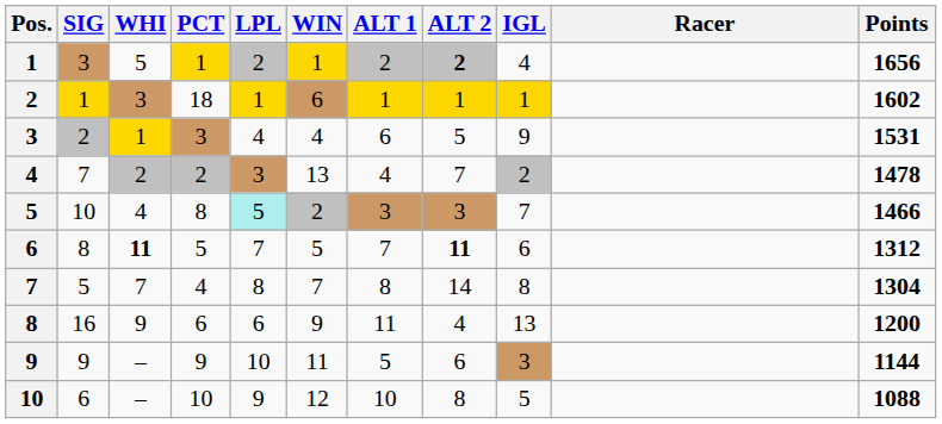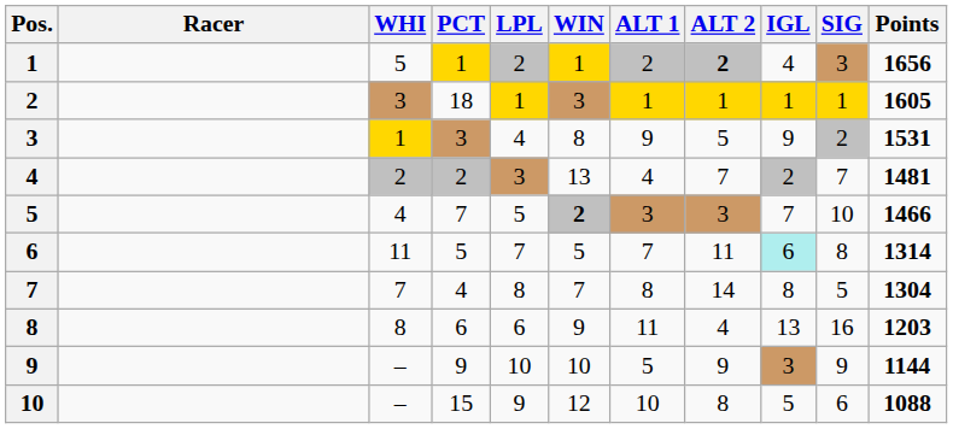 <table class="wikitable sortable plainrowheaders" style="text-align:center;">
 <tr>
 <th scope="col">Pos.</th>
-<th scope="col"> <a href='#'>SIG</a></th>
+<th scope="col" style="width:200px;">Racer</th>
 <th scope="col"> <a href='#'>WHI</a></th>
 <th scope="col"> <a href='#'>PCT</a></th>
 <th scope="col"> <a href='#'>LPL</a></th>
 <th scope="col"> <a href='#'>WIN</a></th>
 <th scope="col"> <a href='#'>ALT 1</a></th>
 <th scope="col"> <a href='#'>ALT 2</a></th>
 <th scope="col"> <a href='#'>IGL</a></th>
-<th scope="col" style="width:200px;">Racer</th>
+<th scope="col"> <a href='#'>SIG</a></th>
 <th style="width:45px;">Points</th>
 </tr>
 <tr>
 <th style="text-align:center;">1</th>
-<td style="background:#c96;">3</td>
+<td align="left"></td>
 <td>5</td>
 <td style="background:gold;">1</td>
 <td style="background:silver;">2</td>
 <td style="background:gold;">1</td>
 <td style="background:silver;">2</td>
 <td style="background:silver;"><strong>2</strong></td>
 <td>4</td>
-<td align="left"></td>
+<td style="background:#c96;">3</td>
 <td><strong>1656</strong></td>
 </tr>
 <tr>
 <th style="text-align:center;">2</th>
-<td style="background:gold;">1</td>
+<td align="left"></td>
 <td style="background:#c96;">3</td>
 <td>18</td>
 <td style="background:gold;">1</td>
-<td style="background:#c96;">6</td>
+<td style="background:#c96;">3</td>
 <td style="background:gold;">1</td>
 <td style="background:gold;">1</td>
 <td style="background:gold;">1</td>
-<td align="left"></td>
-<td><strong>1602</strong></td>
+<td style="background:gold;">1</td>
+<td><strong>1605</strong></td>
 </tr>
 <tr>
 <th style="text-align:center;">3</th>
-<td style="background:silver;">2</td>
+<td align="left"></td>
 <td style="background:gold;">1</td>
 <td style="background:#c96;">3</td>
 <td>4</td>
-<td>4</td>
-<td>6</td>
+<td>8</td>
+<td>9</td>
 <td>5</td>
 <td>9</td>
-<td align="left"></td>
+<td style="background:silver;">2</td>
 <td><strong>1531</strong></td>
 </tr>
 <tr>
 <th style="text-align:center;">4</th>
-<td>7</td>
+<td align="left"></td>
 <td style="background:silver;">2</td>
 <td style="background:silver;">2</td>
 <td style="background:#c96;">3</td>
 <td>13</td>
 <td>4</td>
 <td>7</td>
 <td style="background:silver;">2</td>
-<td align="left"></td>
-<td><strong>1478</strong></td>
+<td>7</td>
+<td><strong>1481</strong></td>
 </tr>
 <tr>
 <th style="text-align:center;">5</th>
-<td>10</td>
+<td align="left"></td>
 <td>4</td>
-<td>8</td>
-<td style="background: paleturquoise;">5</td>
-<td style="background:silver;">2</td>
+<td>7</td>
+<td>5</td>
+<td style="background:silver;"><strong>2</strong></td>
 <td style="background:#c96;">3</td>
 <td style="background:#c96;">3</td>
 <td>7</td>
-<td align="left"></td>
+<td>10</td>
 <td><strong>1466</strong></td>
 </tr>
 <tr>
 <th style="text-align:center;">6</th>
-<td>8</td>
-<td><strong>11</strong></td>
+<td align="left"></td>
+<td>11</td>
 <td>5</td>
 <td>7</td>
 <td>5</td>
 <td>7</td>
-<td><strong>11</strong></td>
-<td>6</td>
-<td align="left"></td>
-<td><strong>1312</strong></td>
+<td>11</td>
+<td style="background: paleturquoise;">6</td>
+<td>8</td>
+<td><strong>1314</strong></td>
 </tr>
 <tr>
 <th style="text-align:center;">7</th>
-<td>5</td>
+<td align="left"></td>
 <td>7</td>
 <td>4</td>
 <td>8</td>
 <td>7</td>
 <td>8</td>
 <td>14</td>
 <td>8</td>
-<td align="left"></td>
+<td>5</td>
 <td><strong>1304</strong></td>
 </tr>
 <tr>
 <th style="text-align:center;">8</th>
-<td>16</td>
-<td>9</td>
+<td align="left"></td>
+<td>8</td>
 <td>6</td>
 <td>6</td>
 <td>9</td>
 <td>11</td>
 <td>4</td>
 <td>13</td>
-<td align="left"></td>
-<td><strong>1200</strong></td>
+<td>16</td>
+<td><strong>1203</strong></td>
 </tr>
 <tr>
 <th style="text-align:center;">9</th>
-<td>9</td>
+<td align="left"></td>
 <td>–</td>
 <td>9</td>
 <td>10</td>
-<td>11</td>
+<td>10</td>
 <td>5</td>
-<td>6</td>
+<td>9</td>
 <td style="background:#c96;">3</td>
-<td align="left"></td>
+<td>9</td>
 <td><strong>1144</strong></td>
 </tr>
 <tr>
 <th style="text-align:center;">10</th>
-<td>6</td>
+<td align="left"></td>
 <td>–</td>
-<td>10</td>
+<td>15</td>
 <td>9</td>
 <td>12</td>
 <td>10</td>
 <td>8</td>
 <td>5</td>
-<td align="left"></td>
+<td>6</td>
 <td><strong>1088</strong></td>
 </tr>
 </table>
